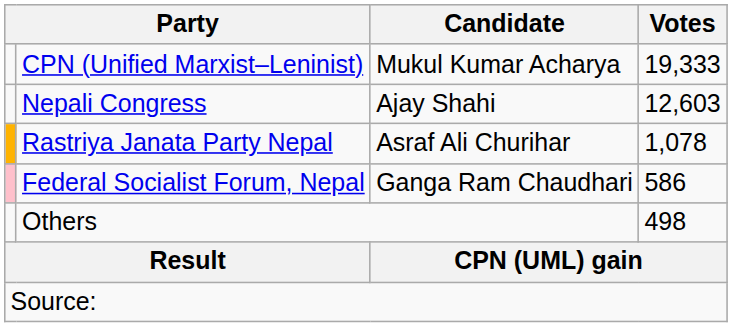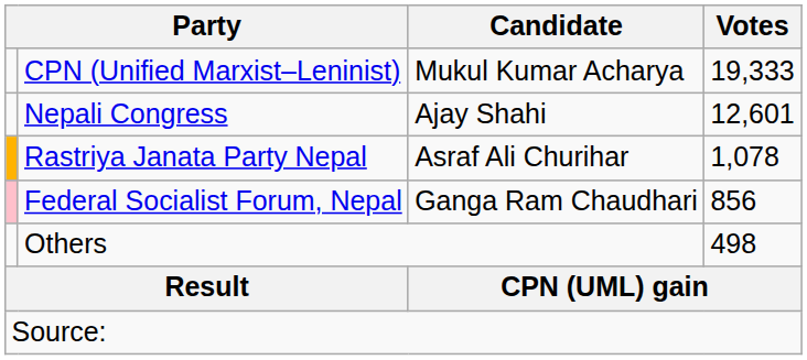 <table class="wikitable">
 <tr>
 <th colspan="2">Party</th>
 <th>Candidate</th>
 <th>Votes</th>
 </tr>
 <tr>
 <td style="background-color:"></td>
 <td><a href='#'>CPN (Unified Marxist–Leninist)</a></td>
 <td>Mukul Kumar Acharya</td>
 <td>19,333</td>
 </tr>
 <tr>
 <td style="background-color:"></td>
 <td><a href='#'>Nepali Congress</a></td>
 <td>Ajay Shahi</td>
-<td>12,603</td>
+<td>12,601</td>
 </tr>
 <tr>
 <td style="background-color:#FFb300"></td>
 <td><a href='#'>Rastriya Janata Party Nepal</a></td>
 <td>Asraf Ali Churihar</td>
 <td>1,078</td>
 </tr>
 <tr>
 <td style="background-color:#ffc0cb"></td>
 <td><a href='#'>Federal Socialist Forum, Nepal</a></td>
 <td>Ganga Ram Chaudhari</td>
-<td>586</td>
+<td>856</td>
 </tr>
 <tr>
 <td></td>
 <td colspan="2">Others</td>
 <td>498</td>
 </tr>
 <tr>
 <th colspan="2">Result</th>
 <th colspan="2">CPN (UML) gain</th>
 </tr>
 <tr>
 <td colspan="4">Source: </td>
 </tr>
 </table>
